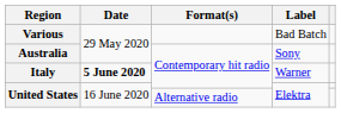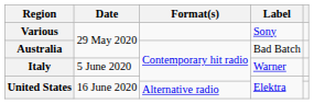 <table class="wikitable plainrowheaders">
 <tr>
 <th scope="col">Region</th>
 <th scope="col">Date</th>
 <th scope="col">Format(s)</th>
 <th scope="col">Label</th>
 <th scope="col"></th>
 </tr>
 <tr>
 <th scope="row">Various</th>
 <td rowspan="2">29 May 2020</td>
 <td></td>
-<td>Bad Batch</td>
+<td><a href='#'>Sony</a></td>
 <td style="text-align:center;"></td>
 </tr>
 <tr>
 <th scope="row">Australia</th>
 <td rowspan="3"><a href='#'>Contemporary hit radio</a></td>
-<td><a href='#'>Sony</a></td>
+<td>Bad Batch</td>
 <td style="text-align:center;"></td>
 </tr>
 <tr>
 <th scope="row">Italy</th>
-<td><strong>5 June 2020</strong></td>
+<td>5 June 2020</td>
 <td><a href='#'>Warner</a></td>
 <td style="text-align:center;"></td>
 </tr>
 <tr>
 <th rowspan="2" scope="row">United States</th>
 <td rowspan="2">16 June 2020</td>
 <td rowspan="2"><a href='#'>Elektra</a></td>
 <td style="text-align:center;"></td>
 </tr>
 <tr>
 <td><a href='#'>Alternative radio</a></td>
 <td style="text-align:center;"></td>
 </tr>
 </table>
